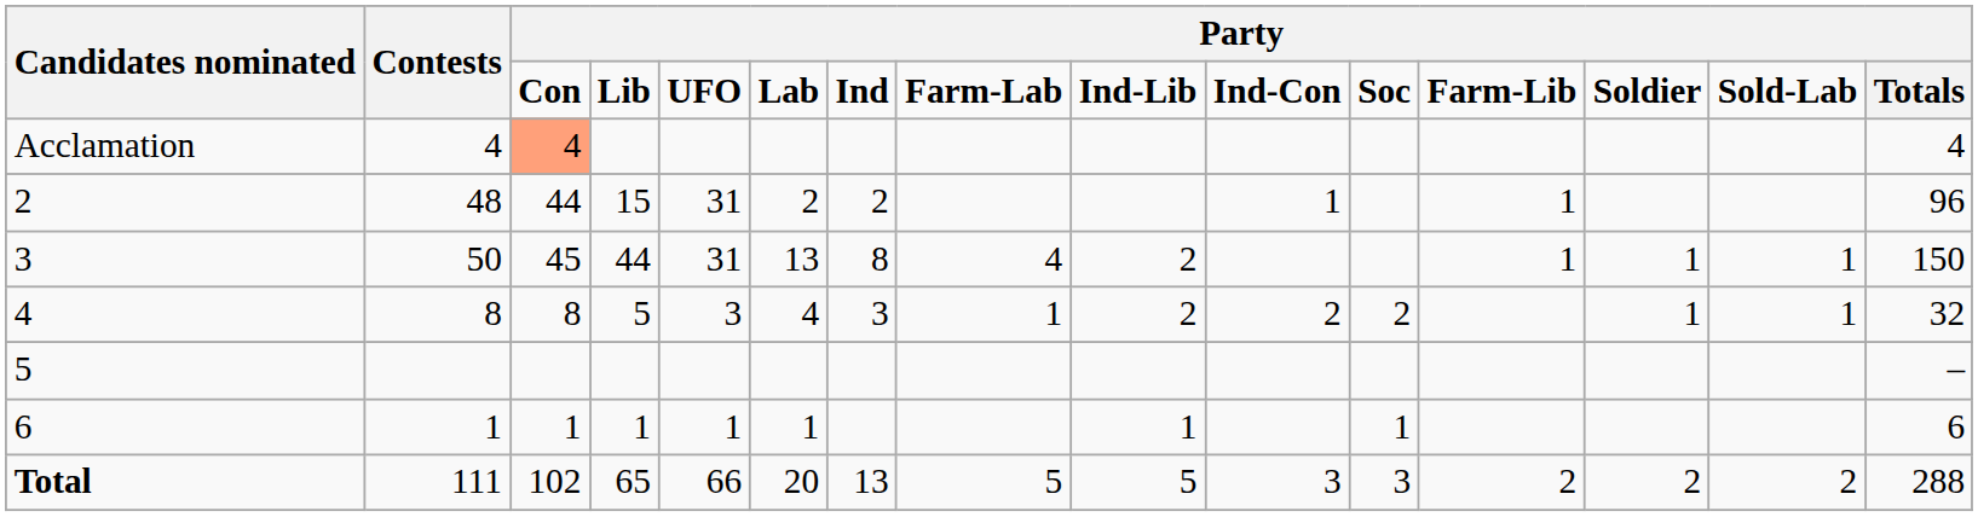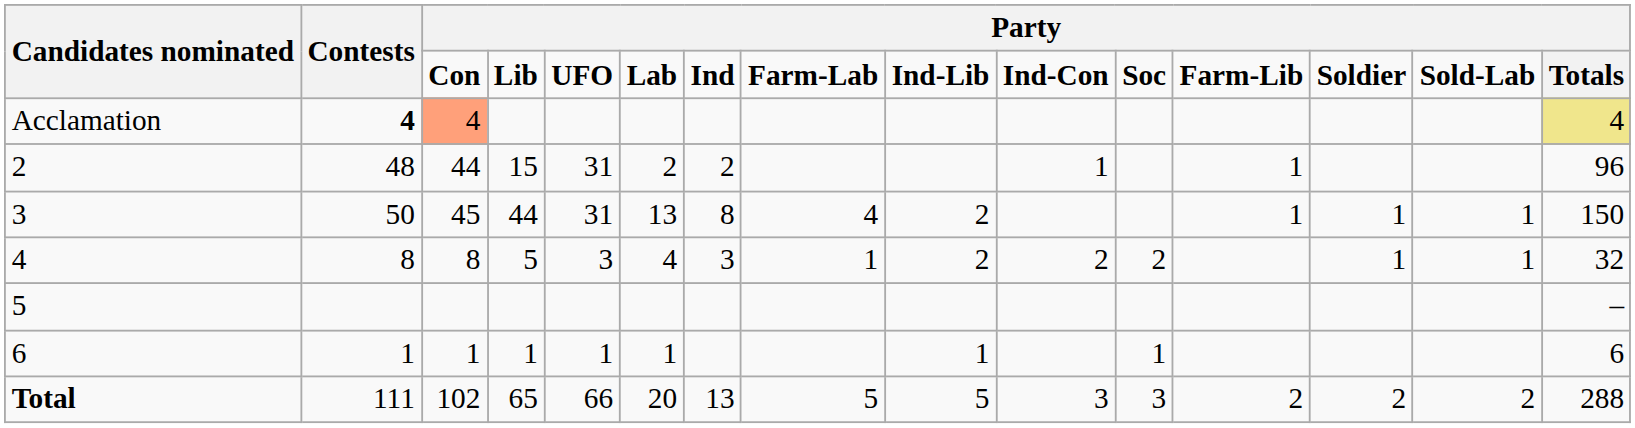 <table class="wikitable" style="text-align:right;">
 <tr>
 <th rowspan="2">Candidates nominated</th>
 <th rowspan="2">Contests</th>
 <th colspan="13">Party</th>
 </tr>
 <tr>
 <td><strong>Con</strong></td>
 <td><strong>Lib</strong></td>
 <td><strong>UFO</strong></td>
 <td><strong>Lab</strong></td>
 <td><strong>Ind</strong></td>
 <td><strong>Farm-Lab</strong></td>
 <td><strong>Ind-Lib</strong></td>
 <td><strong>Ind-Con</strong></td>
 <td><strong>Soc</strong></td>
 <td><strong>Farm-Lib</strong></td>
 <td><strong>Soldier</strong></td>
 <td><strong>Sold-Lab</strong></td>
 <th>Totals</th>
 </tr>
 <tr>
 <td style="text-align:left;">Acclamation</td>
-<td>4</td>
+<td><strong>4</strong></td>
 <td style="background: lightsalmon;">4</td>
 <td></td>
 <td></td>
 <td></td>
 <td></td>
 <td></td>
 <td></td>
 <td></td>
 <td></td>
 <td></td>
 <td></td>
 <td></td>
-<td>4</td>
+<td style="background: khaki;">4</td>
 </tr>
 <tr>
 <td style="text-align:left;">2</td>
 <td>48</td>
 <td>44</td>
 <td>15</td>
 <td>31</td>
 <td>2</td>
 <td>2</td>
 <td></td>
 <td></td>
 <td>1</td>
 <td></td>
 <td>1</td>
 <td></td>
 <td></td>
 <td>96</td>
 </tr>
 <tr>
 <td style="text-align:left;">3</td>
 <td>50</td>
 <td>45</td>
 <td>44</td>
 <td>31</td>
 <td>13</td>
 <td>8</td>
 <td>4</td>
 <td>2</td>
 <td></td>
 <td></td>
 <td>1</td>
 <td>1</td>
 <td>1</td>
 <td>150</td>
 </tr>
 <tr>
 <td style="text-align:left;">4</td>
 <td>8</td>
 <td>8</td>
 <td>5</td>
 <td>3</td>
 <td>4</td>
 <td>3</td>
 <td>1</td>
 <td>2</td>
 <td>2</td>
 <td>2</td>
 <td></td>
 <td>1</td>
 <td>1</td>
 <td>32</td>
 </tr>
 <tr>
 <td style="text-align:left;">5</td>
 <td></td>
 <td></td>
 <td></td>
 <td></td>
 <td></td>
 <td></td>
 <td></td>
 <td></td>
 <td></td>
 <td></td>
 <td></td>
 <td></td>
 <td></td>
 <td>–</td>
 </tr>
 <tr>
 <td style="text-align:left;">6</td>
 <td>1</td>
 <td>1</td>
 <td>1</td>
 <td>1</td>
 <td>1</td>
 <td></td>
 <td></td>
 <td>1</td>
 <td></td>
 <td>1</td>
 <td></td>
 <td></td>
 <td></td>
 <td>6</td>
 </tr>
 <tr>
 <td style="text-align:left;"><strong>Total</strong></td>
 <td>111</td>
 <td>102</td>
 <td>65</td>
 <td>66</td>
 <td>20</td>
 <td>13</td>
 <td>5</td>
 <td>5</td>
 <td>3</td>
 <td>3</td>
 <td>2</td>
 <td>2</td>
 <td>2</td>
 <td>288</td>
 </tr>
 </table>
